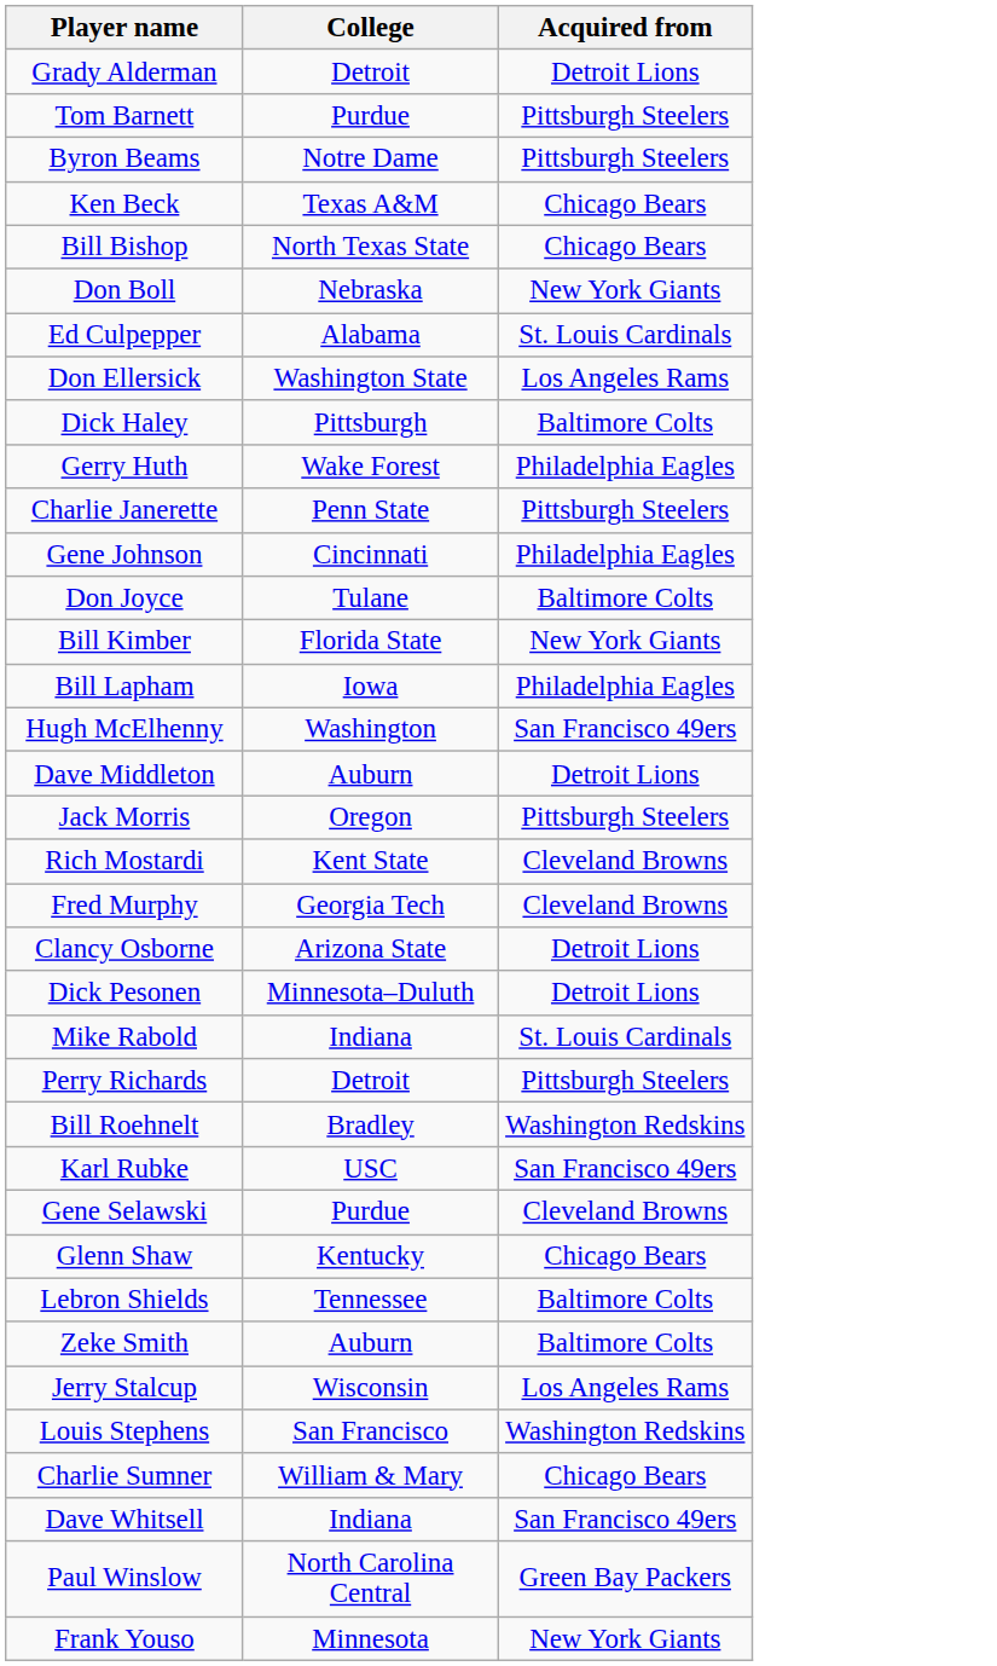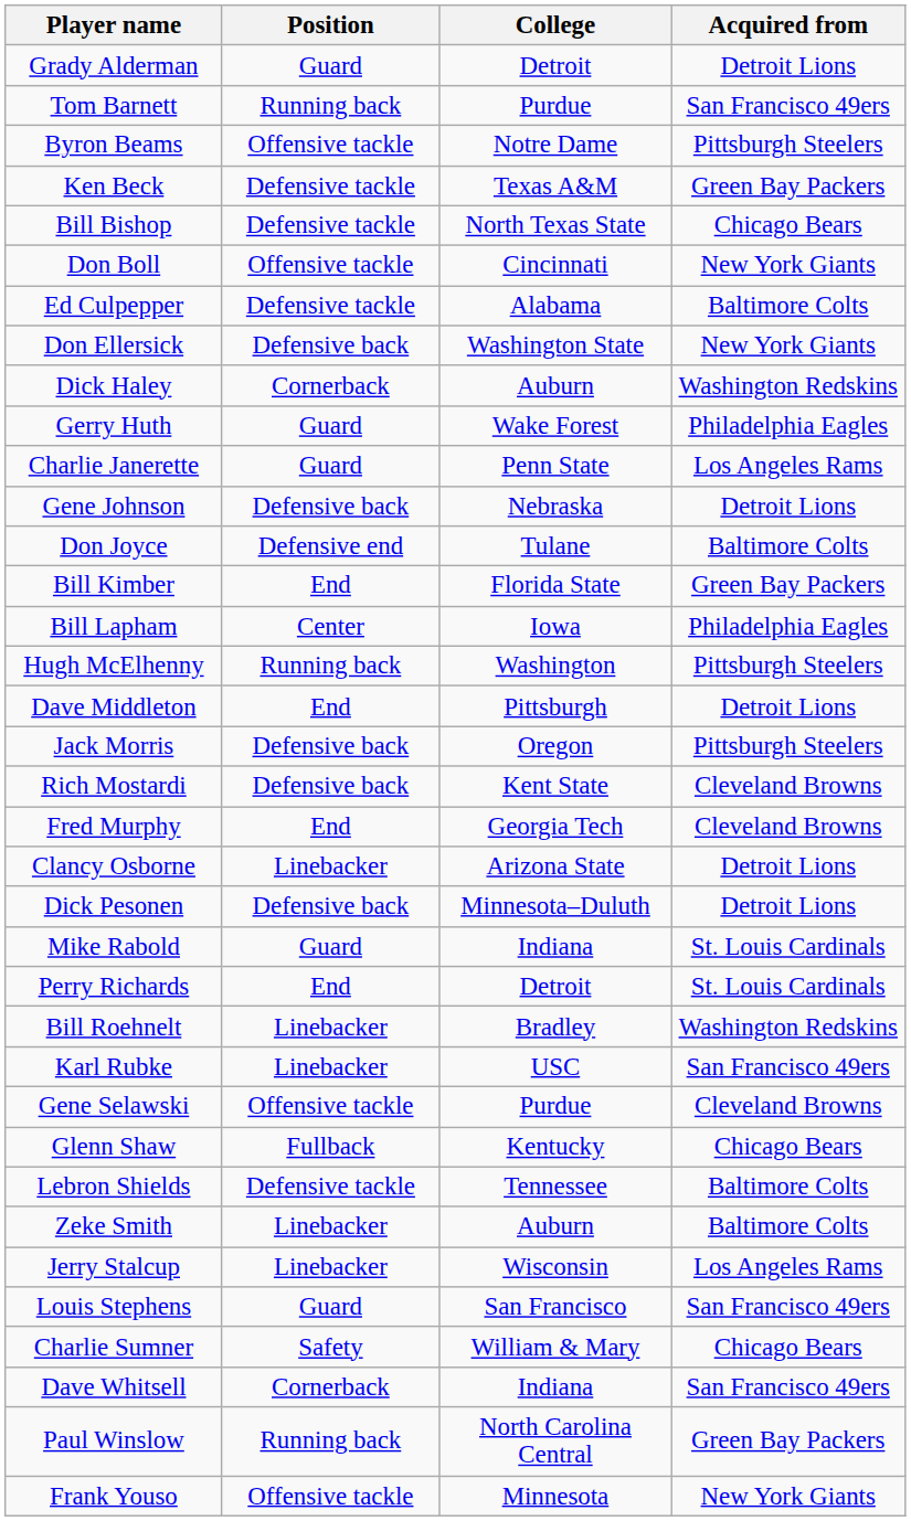 <table class="wikitable" style="text-align:center">
 <tr>
 <th width=130px>Player name</th>
+<th width=130px>Position</th>
 <th width=140px>College</th>
 <th width=140px>Acquired from</th>
 </tr>
 <tr>
 <td><a href='#'>Grady Alderman</a></td>
+<td><a href='#'>Guard</a></td>
 <td><a href='#'>Detroit</a></td>
 <td><a href='#'>Detroit Lions</a></td>
 </tr>
 <tr>
 <td><a href='#'>Tom Barnett</a></td>
+<td><a href='#'>Running back</a></td>
 <td><a href='#'>Purdue</a></td>
-<td><a href='#'>Pittsburgh Steelers</a></td>
+<td><a href='#'>San Francisco 49ers</a></td>
 </tr>
 <tr>
 <td><a href='#'>Byron Beams</a></td>
+<td><a href='#'>Offensive tackle</a></td>
 <td><a href='#'>Notre Dame</a></td>
 <td><a href='#'>Pittsburgh Steelers</a></td>
 </tr>
 <tr>
 <td><a href='#'>Ken Beck</a></td>
+<td><a href='#'>Defensive tackle</a></td>
 <td><a href='#'>Texas A&M</a></td>
-<td><a href='#'>Chicago Bears</a></td>
+<td><a href='#'>Green Bay Packers</a></td>
 </tr>
 <tr>
 <td><a href='#'>Bill Bishop</a></td>
+<td><a href='#'>Defensive tackle</a></td>
 <td><a href='#'>North Texas State</a></td>
 <td><a href='#'>Chicago Bears</a></td>
 </tr>
 <tr>
 <td><a href='#'>Don Boll</a></td>
-<td><a href='#'>Nebraska</a></td>
+<td><a href='#'>Offensive tackle</a></td>
+<td><a href='#'>Cincinnati</a></td>
 <td><a href='#'>New York Giants</a></td>
 </tr>
 <tr>
 <td><a href='#'>Ed Culpepper</a></td>
+<td><a href='#'>Defensive tackle</a></td>
 <td><a href='#'>Alabama</a></td>
-<td><a href='#'>St. Louis Cardinals</a></td>
+<td><a href='#'>Baltimore Colts</a></td>
 </tr>
 <tr>
 <td><a href='#'>Don Ellersick</a></td>
+<td><a href='#'>Defensive back</a></td>
 <td><a href='#'>Washington State</a></td>
-<td><a href='#'>Los Angeles Rams</a></td>
+<td><a href='#'>New York Giants</a></td>
 </tr>
 <tr>
 <td><a href='#'>Dick Haley</a></td>
-<td><a href='#'>Pittsburgh</a></td>
-<td><a href='#'>Baltimore Colts</a></td>
+<td><a href='#'>Cornerback</a></td>
+<td><a href='#'>Auburn</a></td>
+<td><a href='#'>Washington Redskins</a></td>
 </tr>
 <tr>
 <td><a href='#'>Gerry Huth</a></td>
+<td><a href='#'>Guard</a></td>
 <td><a href='#'>Wake Forest</a></td>
 <td><a href='#'>Philadelphia Eagles</a></td>
 </tr>
 <tr>
 <td><a href='#'>Charlie Janerette</a></td>
+<td><a href='#'>Guard</a></td>
 <td><a href='#'>Penn State</a></td>
-<td><a href='#'>Pittsburgh Steelers</a></td>
+<td><a href='#'>Los Angeles Rams</a></td>
 </tr>
 <tr>
 <td><a href='#'>Gene Johnson</a></td>
-<td><a href='#'>Cincinnati</a></td>
-<td><a href='#'>Philadelphia Eagles</a></td>
+<td><a href='#'>Defensive back</a></td>
+<td><a href='#'>Nebraska</a></td>
+<td><a href='#'>Detroit Lions</a></td>
 </tr>
 <tr>
 <td><a href='#'>Don Joyce</a></td>
+<td><a href='#'>Defensive end</a></td>
 <td><a href='#'>Tulane</a></td>
 <td><a href='#'>Baltimore Colts</a></td>
 </tr>
 <tr>
 <td><a href='#'>Bill Kimber</a></td>
+<td><a href='#'>End</a></td>
 <td><a href='#'>Florida State</a></td>
-<td><a href='#'>New York Giants</a></td>
+<td><a href='#'>Green Bay Packers</a></td>
 </tr>
 <tr>
 <td><a href='#'>Bill Lapham</a></td>
+<td><a href='#'>Center</a></td>
 <td><a href='#'>Iowa</a></td>
 <td><a href='#'>Philadelphia Eagles</a></td>
 </tr>
 <tr>
 <td><a href='#'>Hugh McElhenny</a></td>
+<td><a href='#'>Running back</a></td>
 <td><a href='#'>Washington</a></td>
-<td><a href='#'>San Francisco 49ers</a></td>
+<td><a href='#'>Pittsburgh Steelers</a></td>
 </tr>
 <tr>
 <td><a href='#'>Dave Middleton</a></td>
-<td><a href='#'>Auburn</a></td>
+<td><a href='#'>End</a></td>
+<td><a href='#'>Pittsburgh</a></td>
 <td><a href='#'>Detroit Lions</a></td>
 </tr>
 <tr>
 <td><a href='#'>Jack Morris</a></td>
+<td><a href='#'>Defensive back</a></td>
 <td><a href='#'>Oregon</a></td>
 <td><a href='#'>Pittsburgh Steelers</a></td>
 </tr>
 <tr>
 <td><a href='#'>Rich Mostardi</a></td>
+<td><a href='#'>Defensive back</a></td>
 <td><a href='#'>Kent State</a></td>
 <td><a href='#'>Cleveland Browns</a></td>
 </tr>
 <tr>
 <td><a href='#'>Fred Murphy</a></td>
+<td><a href='#'>End</a></td>
 <td><a href='#'>Georgia Tech</a></td>
 <td><a href='#'>Cleveland Browns</a></td>
 </tr>
 <tr>
 <td><a href='#'>Clancy Osborne</a></td>
+<td><a href='#'>Linebacker</a></td>
 <td><a href='#'>Arizona State</a></td>
 <td><a href='#'>Detroit Lions</a></td>
 </tr>
 <tr>
 <td><a href='#'>Dick Pesonen</a></td>
+<td><a href='#'>Defensive back</a></td>
 <td><a href='#'>Minnesota–Duluth</a></td>
 <td><a href='#'>Detroit Lions</a></td>
 </tr>
 <tr>
 <td><a href='#'>Mike Rabold</a></td>
+<td><a href='#'>Guard</a></td>
 <td><a href='#'>Indiana</a></td>
 <td><a href='#'>St. Louis Cardinals</a></td>
 </tr>
 <tr>
 <td><a href='#'>Perry Richards</a></td>
+<td><a href='#'>End</a></td>
 <td><a href='#'>Detroit</a></td>
-<td><a href='#'>Pittsburgh Steelers</a></td>
+<td><a href='#'>St. Louis Cardinals</a></td>
 </tr>
 <tr>
 <td><a href='#'>Bill Roehnelt</a></td>
+<td><a href='#'>Linebacker</a></td>
 <td><a href='#'>Bradley</a></td>
 <td><a href='#'>Washington Redskins</a></td>
 </tr>
 <tr>
 <td><a href='#'>Karl Rubke</a></td>
+<td><a href='#'>Linebacker</a></td>
 <td><a href='#'>USC</a></td>
 <td><a href='#'>San Francisco 49ers</a></td>
 </tr>
 <tr>
 <td><a href='#'>Gene Selawski</a></td>
+<td><a href='#'>Offensive tackle</a></td>
 <td><a href='#'>Purdue</a></td>
 <td><a href='#'>Cleveland Browns</a></td>
 </tr>
 <tr>
 <td><a href='#'>Glenn Shaw</a></td>
+<td><a href='#'>Fullback</a></td>
 <td><a href='#'>Kentucky</a></td>
 <td><a href='#'>Chicago Bears</a></td>
 </tr>
 <tr>
 <td><a href='#'>Lebron Shields</a></td>
+<td><a href='#'>Defensive tackle</a></td>
 <td><a href='#'>Tennessee</a></td>
 <td><a href='#'>Baltimore Colts</a></td>
 </tr>
 <tr>
 <td><a href='#'>Zeke Smith</a></td>
+<td><a href='#'>Linebacker</a></td>
 <td><a href='#'>Auburn</a></td>
 <td><a href='#'>Baltimore Colts</a></td>
 </tr>
 <tr>
 <td><a href='#'>Jerry Stalcup</a></td>
+<td><a href='#'>Linebacker</a></td>
 <td><a href='#'>Wisconsin</a></td>
 <td><a href='#'>Los Angeles Rams</a></td>
 </tr>
 <tr>
 <td><a href='#'>Louis Stephens</a></td>
+<td><a href='#'>Guard</a></td>
 <td><a href='#'>San Francisco</a></td>
-<td><a href='#'>Washington Redskins</a></td>
+<td><a href='#'>San Francisco 49ers</a></td>
 </tr>
 <tr>
 <td><a href='#'>Charlie Sumner</a></td>
+<td><a href='#'>Safety</a></td>
 <td><a href='#'>William & Mary</a></td>
 <td><a href='#'>Chicago Bears</a></td>
 </tr>
 <tr>
 <td><a href='#'>Dave Whitsell</a></td>
+<td><a href='#'>Cornerback</a></td>
 <td><a href='#'>Indiana</a></td>
 <td><a href='#'>San Francisco 49ers</a></td>
 </tr>
 <tr>
 <td><a href='#'>Paul Winslow</a></td>
+<td><a href='#'>Running back</a></td>
 <td><a href='#'>North Carolina Central</a></td>
 <td><a href='#'>Green Bay Packers</a></td>
 </tr>
 <tr>
 <td><a href='#'>Frank Youso</a></td>
+<td><a href='#'>Offensive tackle</a></td>
 <td><a href='#'>Minnesota</a></td>
 <td><a href='#'>New York Giants</a></td>
 </tr>
 </table>
